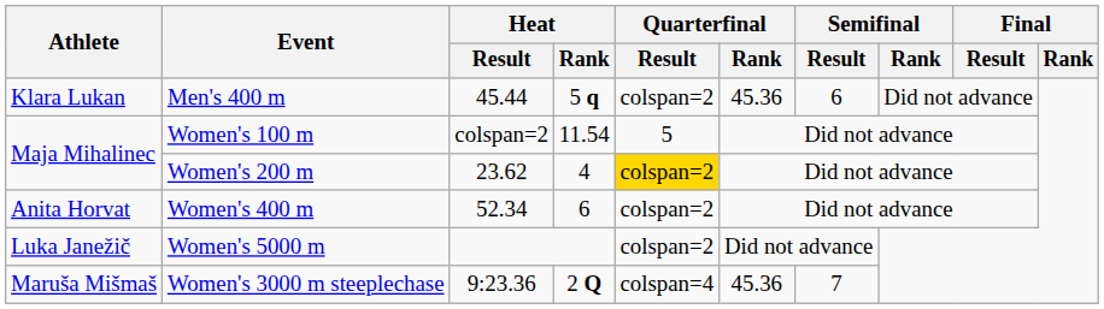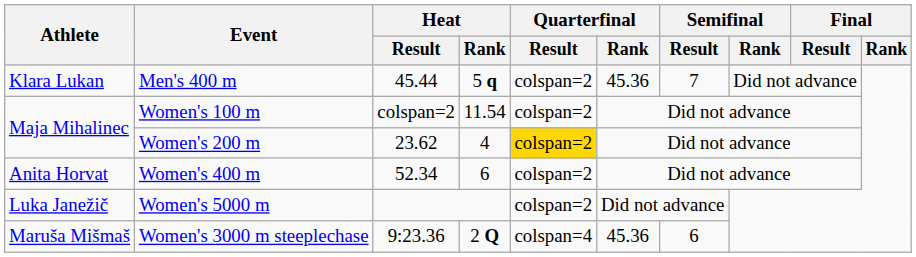 <table class="wikitable" style="font-size:90%">
 <tr>
 <th rowspan="2">Athlete</th>
 <th rowspan="2">Event</th>
 <th colspan="2">Heat</th>
 <th colspan="2">Quarterfinal</th>
 <th colspan="2">Semifinal</th>
 <th colspan="2">Final</th>
 </tr>
 <tr style="font-size:95%">
 <th>Result</th>
 <th>Rank</th>
 <th>Result</th>
 <th>Rank</th>
 <th>Result</th>
 <th>Rank</th>
 <th>Result</th>
 <th>Rank</th>
 </tr>
 <tr align=center>
 <td align=left><a href='#'>Klara Lukan</a></td>
 <td align=left><a href='#'>Men's 400 m</a></td>
 <td>45.44</td>
 <td>5 <strong>q</strong></td>
 <td>colspan=2 </td>
 <td>45.36</td>
-<td>6</td>
+<td>7</td>
 <td colspan=2>Did not advance</td>
 </tr>
 <tr align=center>
 <td align=left rowspan=2><a href='#'>Maja Mihalinec</a></td>
 <td align=left><a href='#'>Women's 100 m</a></td>
 <td>colspan=2 </td>
 <td>11.54</td>
-<td>5</td>
+<td>colspan=2 </td>
 <td colspan=4>Did not advance</td>
 </tr>
 <tr align=center>
 <td align=left><a href='#'>Women's 200 m</a></td>
 <td>23.62</td>
 <td>4</td>
 <td style="background: gold;">colspan=2 </td>
 <td colspan=4>Did not advance</td>
 </tr>
 <tr align=center>
 <td align=left><a href='#'>Anita Horvat</a></td>
 <td align=left><a href='#'>Women's 400 m</a></td>
 <td>52.34</td>
 <td>6</td>
 <td>colspan=2 </td>
 <td colspan=4>Did not advance</td>
 </tr>
 <tr align=center>
 <td align=left><a href='#'>Luka Janežič</a></td>
 <td align=left><a href='#'>Women's 5000 m</a></td>
 <td colspan=2></td>
 <td>colspan=2 </td>
 <td colspan=2>Did not advance</td>
 </tr>
 <tr align=center>
 <td align=left><a href='#'>Maruša Mišmaš</a></td>
 <td align=left><a href='#'>Women's 3000 m steeplechase</a></td>
 <td>9:23.36</td>
 <td>2 <strong>Q</strong></td>
 <td>colspan=4 </td>
 <td>45.36</td>
-<td>7</td>
+<td>6</td>
 </tr>
 </table>
